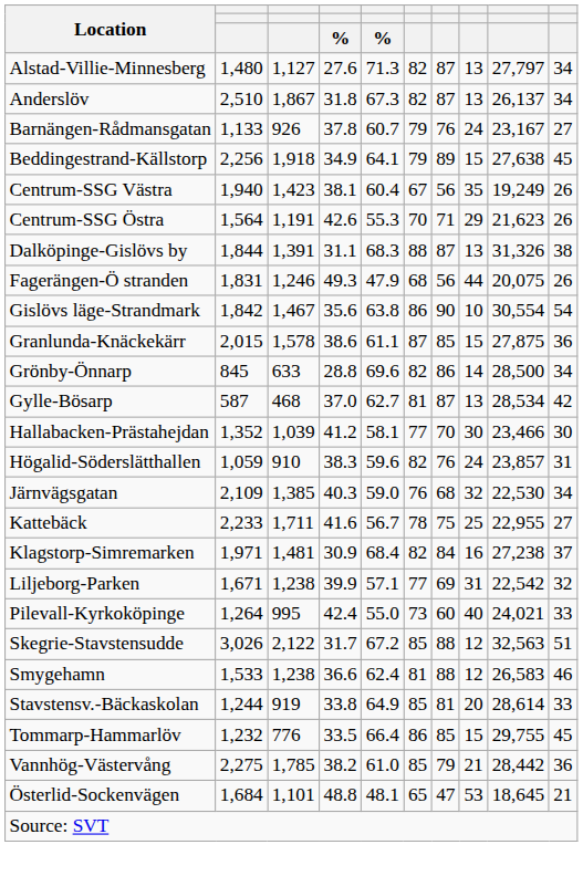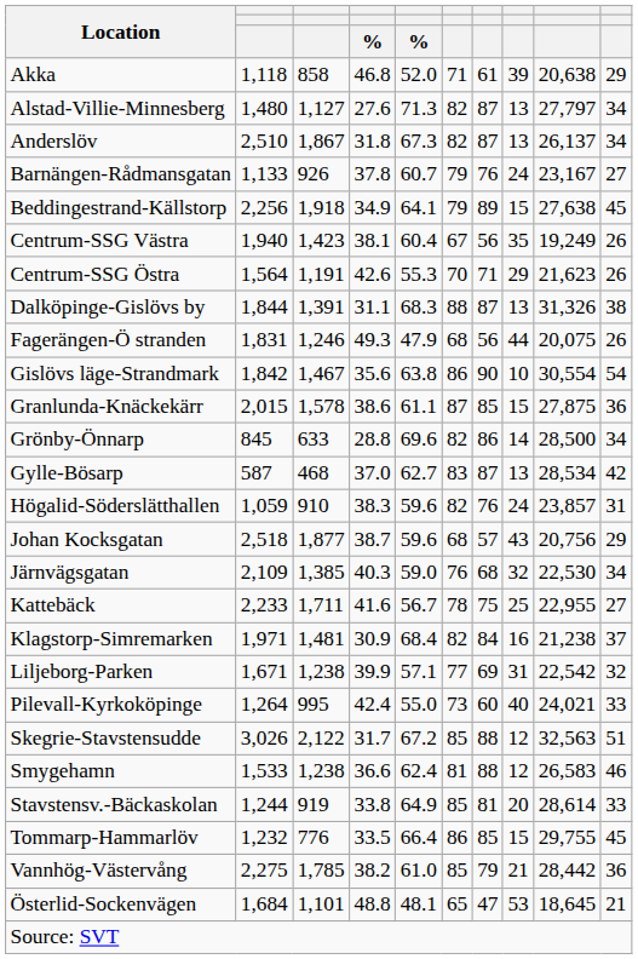 <table role="presentation" class="wikitable sortable mw-collapsible mw-collapsed">
 <tr>
 <th rowspan="3">Location</th>
 <th></th>
 <th></th>
 <th></th>
 <th></th>
 <th></th>
 <th></th>
 <th></th>
 <th></th>
 <th></th>
 </tr>
 <tr>
 <th></th>
 <th></th>
 <th style="background:"></th>
 <th style="background:"></th>
 <th></th>
 <th></th>
 <th></th>
 <th></th>
 <th></th>
 </tr>
 <tr>
 <th data-sort-type="number"></th>
 <th data-sort-type="number"></th>
 <th data-sort-type="number">%</th>
 <th data-sort-type="number">%</th>
 <th data-sort-type="number"></th>
 <th data-sort-type="number"></th>
 <th data-sort-type="number"></th>
 <th data-sort-type="number"></th>
 <th data-sort-type="number"></th>
+</tr>
+<tr>
+<td align="left">Akka</td>
+<td>1,118</td>
+<td>858</td>
+<td>46.8</td>
+<td>52.0</td>
+<td>71</td>
+<td>61</td>
+<td>39</td>
+<td>20,638</td>
+<td>29</td>
 </tr>
 <tr>
 <td align="left">Alstad-Villie-Minnesberg</td>
 <td>1,480</td>
 <td>1,127</td>
 <td>27.6</td>
 <td>71.3</td>
 <td>82</td>
 <td>87</td>
 <td>13</td>
 <td>27,797</td>
 <td>34</td>
 </tr>
 <tr>
 <td align="left">Anderslöv</td>
 <td>2,510</td>
 <td>1,867</td>
 <td>31.8</td>
 <td>67.3</td>
 <td>82</td>
 <td>87</td>
 <td>13</td>
 <td>26,137</td>
 <td>34</td>
 </tr>
 <tr>
 <td align="left">Barnängen-Rådmansgatan</td>
 <td>1,133</td>
 <td>926</td>
 <td>37.8</td>
 <td>60.7</td>
 <td>79</td>
 <td>76</td>
 <td>24</td>
 <td>23,167</td>
 <td>27</td>
 </tr>
 <tr>
 <td align="left">Beddingestrand-Källstorp</td>
 <td>2,256</td>
 <td>1,918</td>
 <td>34.9</td>
 <td>64.1</td>
 <td>79</td>
 <td>89</td>
 <td>15</td>
 <td>27,638</td>
 <td>45</td>
 </tr>
 <tr>
 <td align="left">Centrum-SSG Västra</td>
 <td>1,940</td>
 <td>1,423</td>
 <td>38.1</td>
 <td>60.4</td>
 <td>67</td>
 <td>56</td>
 <td>35</td>
 <td>19,249</td>
 <td>26</td>
 </tr>
 <tr>
 <td align="left">Centrum-SSG Östra</td>
 <td>1,564</td>
 <td>1,191</td>
 <td>42.6</td>
 <td>55.3</td>
 <td>70</td>
 <td>71</td>
 <td>29</td>
 <td>21,623</td>
 <td>26</td>
 </tr>
 <tr>
 <td align="left">Dalköpinge-Gislövs by</td>
 <td>1,844</td>
 <td>1,391</td>
 <td>31.1</td>
 <td>68.3</td>
 <td>88</td>
 <td>87</td>
 <td>13</td>
 <td>31,326</td>
 <td>38</td>
 </tr>
 <tr>
 <td align="left">Fagerängen-Ö stranden</td>
 <td>1,831</td>
 <td>1,246</td>
 <td>49.3</td>
 <td>47.9</td>
 <td>68</td>
 <td>56</td>
 <td>44</td>
 <td>20,075</td>
 <td>26</td>
 </tr>
 <tr>
 <td align="left">Gislövs läge-Strandmark</td>
 <td>1,842</td>
 <td>1,467</td>
 <td>35.6</td>
 <td>63.8</td>
 <td>86</td>
 <td>90</td>
 <td>10</td>
 <td>30,554</td>
 <td>54</td>
 </tr>
 <tr>
 <td align="left">Granlunda-Knäckekärr</td>
 <td>2,015</td>
 <td>1,578</td>
 <td>38.6</td>
 <td>61.1</td>
 <td>87</td>
 <td>85</td>
 <td>15</td>
 <td>27,875</td>
 <td>36</td>
 </tr>
 <tr>
 <td align="left">Grönby-Önnarp</td>
 <td>845</td>
 <td>633</td>
 <td>28.8</td>
 <td>69.6</td>
 <td>82</td>
 <td>86</td>
 <td>14</td>
 <td>28,500</td>
 <td>34</td>
 </tr>
 <tr>
 <td align="left">Gylle-Bösarp</td>
 <td>587</td>
 <td>468</td>
 <td>37.0</td>
 <td>62.7</td>
-<td>81</td>
+<td>83</td>
 <td>87</td>
 <td>13</td>
 <td>28,534</td>
 <td>42</td>
-</tr>
-<tr>
-<td align="left">Hallabacken-Prästahejdan</td>
-<td>1,352</td>
-<td>1,039</td>
-<td>41.2</td>
-<td>58.1</td>
-<td>77</td>
-<td>70</td>
-<td>30</td>
-<td>23,466</td>
-<td>30</td>
 </tr>
 <tr>
 <td align="left">Högalid-Söderslätthallen</td>
 <td>1,059</td>
 <td>910</td>
 <td>38.3</td>
 <td>59.6</td>
 <td>82</td>
 <td>76</td>
 <td>24</td>
 <td>23,857</td>
 <td>31</td>
+</tr>
+<tr>
+<td align="left">Johan Kocksgatan</td>
+<td>2,518</td>
+<td>1,877</td>
+<td>38.7</td>
+<td>59.6</td>
+<td>68</td>
+<td>57</td>
+<td>43</td>
+<td>20,756</td>
+<td>29</td>
 </tr>
 <tr>
 <td align="left">Järnvägsgatan</td>
 <td>2,109</td>
 <td>1,385</td>
 <td>40.3</td>
 <td>59.0</td>
 <td>76</td>
 <td>68</td>
 <td>32</td>
 <td>22,530</td>
 <td>34</td>
 </tr>
 <tr>
 <td align="left">Kattebäck</td>
 <td>2,233</td>
 <td>1,711</td>
 <td>41.6</td>
 <td>56.7</td>
 <td>78</td>
 <td>75</td>
 <td>25</td>
 <td>22,955</td>
 <td>27</td>
 </tr>
 <tr>
 <td align="left">Klagstorp-Simremarken</td>
 <td>1,971</td>
 <td>1,481</td>
 <td>30.9</td>
 <td>68.4</td>
 <td>82</td>
 <td>84</td>
 <td>16</td>
-<td>27,238</td>
+<td>21,238</td>
 <td>37</td>
 </tr>
 <tr>
 <td align="left">Liljeborg-Parken</td>
 <td>1,671</td>
 <td>1,238</td>
 <td>39.9</td>
 <td>57.1</td>
 <td>77</td>
 <td>69</td>
 <td>31</td>
 <td>22,542</td>
 <td>32</td>
 </tr>
 <tr>
 <td align="left">Pilevall-Kyrkoköpinge</td>
 <td>1,264</td>
 <td>995</td>
 <td>42.4</td>
 <td>55.0</td>
 <td>73</td>
 <td>60</td>
 <td>40</td>
 <td>24,021</td>
 <td>33</td>
 </tr>
 <tr>
 <td align="left">Skegrie-Stavstensudde</td>
 <td>3,026</td>
 <td>2,122</td>
 <td>31.7</td>
 <td>67.2</td>
 <td>85</td>
 <td>88</td>
 <td>12</td>
 <td>32,563</td>
 <td>51</td>
 </tr>
 <tr>
 <td align="left">Smygehamn</td>
 <td>1,533</td>
 <td>1,238</td>
 <td>36.6</td>
 <td>62.4</td>
 <td>81</td>
 <td>88</td>
 <td>12</td>
 <td>26,583</td>
 <td>46</td>
 </tr>
 <tr>
 <td align="left">Stavstensv.-Bäckaskolan</td>
 <td>1,244</td>
 <td>919</td>
 <td>33.8</td>
 <td>64.9</td>
 <td>85</td>
 <td>81</td>
 <td>20</td>
 <td>28,614</td>
 <td>33</td>
 </tr>
 <tr>
 <td align="left">Tommarp-Hammarlöv</td>
 <td>1,232</td>
 <td>776</td>
 <td>33.5</td>
 <td>66.4</td>
 <td>86</td>
 <td>85</td>
 <td>15</td>
 <td>29,755</td>
 <td>45</td>
 </tr>
 <tr>
 <td align="left">Vannhög-Västervång</td>
 <td>2,275</td>
 <td>1,785</td>
 <td>38.2</td>
 <td>61.0</td>
 <td>85</td>
 <td>79</td>
 <td>21</td>
 <td>28,442</td>
 <td>36</td>
 </tr>
 <tr>
 <td align="left">Österlid-Sockenvägen</td>
 <td>1,684</td>
 <td>1,101</td>
 <td>48.8</td>
 <td>48.1</td>
 <td>65</td>
 <td>47</td>
 <td>53</td>
 <td>18,645</td>
 <td>21</td>
 </tr>
 <tr>
 <td colspan="10" align="left">Source: <a href='#'>SVT</a></td>
 </tr>
 </table>
